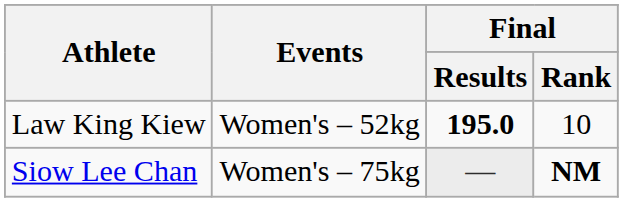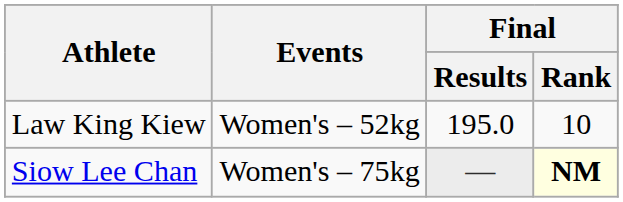 <table class="wikitable">
 <tr>
 <th rowspan="2">Athlete</th>
 <th rowspan="2">Events</th>
 <th colspan="2">Final</th>
 </tr>
 <tr>
 <th>Results</th>
 <th>Rank</th>
 </tr>
 <tr>
 <td>Law King Kiew</td>
 <td Women's – 52kg>Women's – 52kg</td>
-<td align="center"><strong>195.0</strong></td>
+<td align="center">195.0</td>
 <td align="center">10</td>
 </tr>
 <tr>
 <td><a href='#'>Siow Lee Chan</a></td>
 <td>Women's – 75kg</td>
 <td align="center" style="background: var(--background-color-interactive, #ececec); color: var(--color-base, #2C2C2C); vertical-align: middle; text-align: center; " class="table-na">—</td>
-<td align="center"><strong>NM</strong></td>
+<td align="center" style="background: lightyellow;"><strong>NM</strong></td>
 </tr>
 </table>
